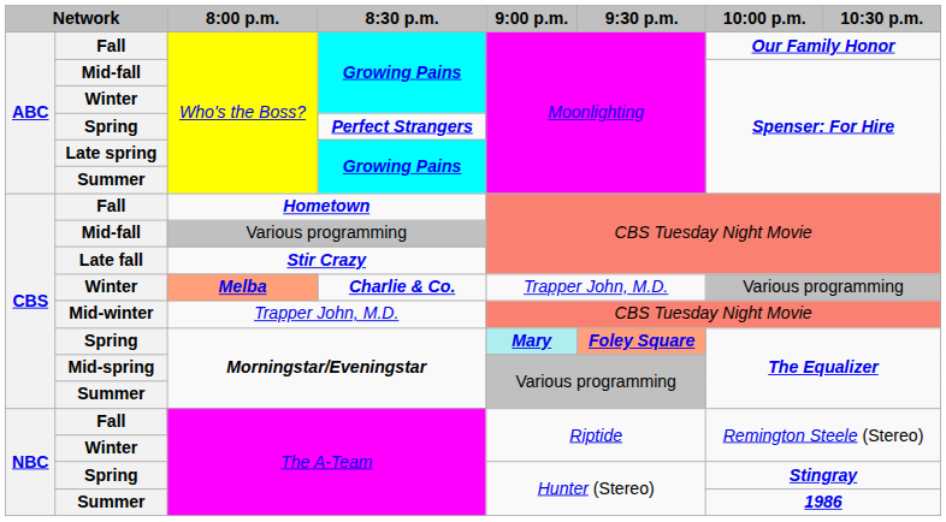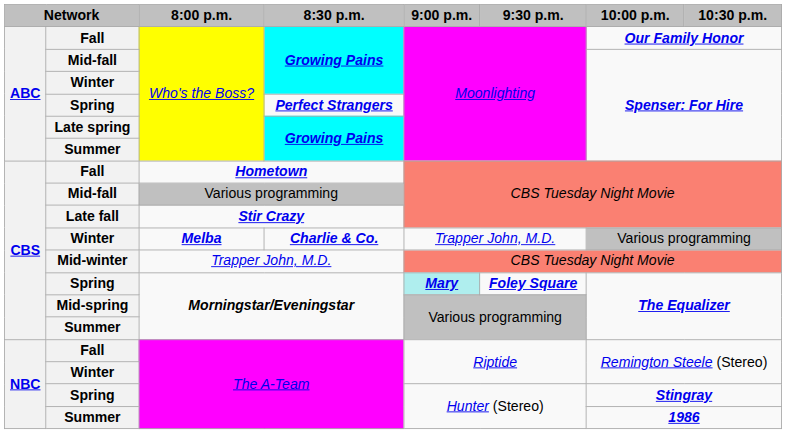 <table class="wikitable" style="width:100%;margin-right:0;text-align:center">
 <tr>
 <th colspan="2" style="background-color:#C0C0C0;text-align:center;width">Network</th>
 <th style="background-color:#C0C0C0;text-align:center">8:00 p.m.</th>
 <th style="background-color:#C0C0C0;text-align:center">8:30 p.m.</th>
 <th style="background-color:#C0C0C0;text-align:center">9:00 p.m.</th>
 <th style="background-color:#C0C0C0;text-align:center">9:30 p.m.</th>
 <th style="background-color:#C0C0C0;text-align:center">10:00 p.m.</th>
 <th style="background-color:#C0C0C0;text-align:center">10:30 p.m.</th>
 </tr>
 <tr>
 <th rowspan="6"><a href='#'>ABC</a></th>
 <th>Fall</th>
 <td style="background:#FFFF00;" rowspan="6"><em><a href='#'>Who's the Boss?</a></em> </td>
 <td style="background:#00FFFF;" rowspan="3"><strong><em><a href='#'>Growing Pains</a></em></strong> </td>
 <td style="background:#FF00FF;" rowspan="6" colspan="2"><em><a href='#'>Moonlighting</a></em> </td>
 <td colspan="2"><strong><em><a href='#'>Our Family Honor</a></em></strong></td>
 </tr>
 <tr>
 <th>Mid-fall</th>
 <td rowspan="5" colspan="2"><strong><em><a href='#'>Spenser: For Hire</a></em></strong></td>
 </tr>
 <tr>
 <th>Winter</th>
 </tr>
 <tr>
 <th>Spring</th>
 <td><strong><em><a href='#'>Perfect Strangers</a></em></strong></td>
 </tr>
 <tr>
 <th>Late spring</th>
 <td rowspan="2" style="background:#00FFFF;"><strong><em><a href='#'>Growing Pains</a></em></strong> </td>
 </tr>
 <tr>
 <th>Summer</th>
 </tr>
 <tr>
 <th rowspan="8"><a href='#'>CBS</a></th>
 <th>Fall</th>
 <td colspan="2"><strong><em><a href='#'>Hometown</a></em></strong></td>
 <td rowspan="3" colspan="4" style="background:#FA8072;"><em>CBS Tuesday Night Movie</em></td>
 </tr>
 <tr>
 <th>Mid-fall</th>
 <td colspan="2" style="background:#C0C0C0;">Various programming</td>
 </tr>
 <tr>
 <th>Late fall</th>
 <td colspan="2"><strong><em><a href='#'>Stir Crazy</a></em></strong></td>
 </tr>
 <tr>
 <th>Winter</th>
-<td style="background: lightsalmon;"><strong><em><a href='#'>Melba</a></em></strong></td>
+<td><strong><em><a href='#'>Melba</a></em></strong></td>
 <td><strong><em><a href='#'>Charlie & Co.</a></em></strong></td>
 <td colspan="2"><em><a href='#'>Trapper John, M.D.</a></em></td>
 <td colspan="2" style="background:#C0C0C0;">Various programming</td>
 </tr>
 <tr>
 <th>Mid-winter</th>
 <td colspan="2"><em><a href='#'>Trapper John, M.D.</a></em></td>
 <td colspan="4" style="background:#FA8072;"><em>CBS Tuesday Night Movie</em></td>
 </tr>
 <tr>
 <th>Spring</th>
 <td rowspan="3" colspan="2"><strong><em>Morningstar/Eveningstar</em></strong></td>
 <td style="background: paleturquoise;"><strong><em><a href='#'>Mary</a></em></strong></td>
-<td style="background: lightsalmon;"><strong><em><a href='#'>Foley Square</a></em></strong></td>
+<td><strong><em><a href='#'>Foley Square</a></em></strong></td>
 <td rowspan="3" colspan="2"><strong><em><a href='#'>The Equalizer</a></em></strong></td>
 </tr>
 <tr>
 <th>Mid-spring</th>
 <td rowspan="2" colspan="2" style="background:#C0C0C0;">Various programming</td>
 </tr>
 <tr>
 <th>Summer</th>
 </tr>
 <tr>
 <th rowspan="4"><a href='#'>NBC</a></th>
 <th>Fall</th>
 <td style="background:#FF00FF;" rowspan="4" colspan="2"><em><a href='#'>The A-Team</a></em> </td>
 <td colspan="2" rowspan="2"><em><a href='#'>Riptide</a></em></td>
 <td colspan="2" rowspan="2"><em><a href='#'>Remington Steele</a></em> (Stereo)</td>
 </tr>
 <tr>
 <th>Winter</th>
 </tr>
 <tr>
 <th>Spring</th>
 <td colspan="2" rowspan="2"><em><a href='#'>Hunter</a></em> (Stereo)</td>
 <td colspan="2"><strong><em><a href='#'>Stingray</a></em></strong></td>
 </tr>
 <tr>
 <th>Summer</th>
 <td colspan="2"><strong><em><a href='#'>1986</a></em></strong></td>
 </tr>
 </table>
